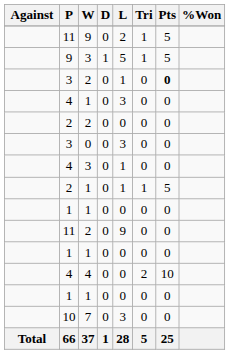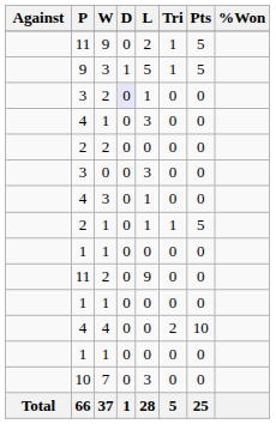 <table class="wikitable sortable"  style="text-align:center; font-size:95%;">
 <tr>
 <th style="width:25%;">Against</th>
 <th abbr="Played" style="width:15px;">P</th>
 <th abbr="Won" style="width:10px;">W</th>
 <th abbr="Drawn" style="width:10px;">D</th>
 <th abbr="Lost" style="width:10px;">L</th>
 <th abbr="Tries" style="width:15px;">Tri</th>
 <th abbr="Points" style="width:18px;">Pts</th>
 <th abbr="Won" style="width:18px;">%Won</th>
 </tr>
 <tr bgcolor="#d0ffd0" align="center">
 </tr>
 <tr>
 <td align="left"></td>
 <td>11</td>
 <td>9</td>
 <td>0</td>
 <td>2</td>
 <td>1</td>
 <td>5</td>
 <td></td>
 </tr>
 <tr>
 <td align="left"></td>
 <td>9</td>
 <td>3</td>
 <td>1</td>
 <td>5</td>
 <td>1</td>
 <td>5</td>
 <td></td>
 </tr>
 <tr>
 <td align="left"></td>
 <td>3</td>
 <td>2</td>
-<td>0</td>
+<td style="background: lavender;">0</td>
 <td>1</td>
 <td>0</td>
-<td><strong>0</strong></td>
+<td>0</td>
 <td></td>
 </tr>
 <tr>
 <td align="left"></td>
 <td>4</td>
 <td>1</td>
 <td>0</td>
 <td>3</td>
 <td>0</td>
 <td>0</td>
 <td></td>
 </tr>
 <tr>
 <td align="left"></td>
 <td>2</td>
 <td>2</td>
 <td>0</td>
 <td>0</td>
 <td>0</td>
 <td>0</td>
 <td></td>
 </tr>
 <tr>
 <td align="left"></td>
 <td>3</td>
 <td>0</td>
 <td>0</td>
 <td>3</td>
 <td>0</td>
 <td>0</td>
 <td></td>
 </tr>
 <tr>
 <td align="left"></td>
 <td>4</td>
 <td>3</td>
 <td>0</td>
 <td>1</td>
 <td>0</td>
 <td>0</td>
 <td></td>
 </tr>
 <tr>
 <td align="left"></td>
 <td>2</td>
 <td>1</td>
 <td>0</td>
 <td>1</td>
 <td>1</td>
 <td>5</td>
 <td></td>
 </tr>
 <tr>
 <td align="left"></td>
 <td>1</td>
 <td>1</td>
 <td>0</td>
 <td>0</td>
 <td>0</td>
 <td>0</td>
 <td></td>
 </tr>
 <tr>
 <td align="left"></td>
 <td>11</td>
 <td>2</td>
 <td>0</td>
 <td>9</td>
 <td>0</td>
 <td>0</td>
 <td></td>
 </tr>
 <tr>
 <td align="left"></td>
 <td>1</td>
 <td>1</td>
 <td>0</td>
 <td>0</td>
 <td>0</td>
 <td>0</td>
 <td></td>
 </tr>
 <tr>
 <td align="left"></td>
 <td>4</td>
 <td>4</td>
 <td>0</td>
 <td>0</td>
 <td>2</td>
 <td>10</td>
 <td></td>
 </tr>
 <tr>
 <td align="left"></td>
 <td>1</td>
 <td>1</td>
 <td>0</td>
 <td>0</td>
 <td>0</td>
 <td>0</td>
 <td></td>
 </tr>
 <tr>
 <td align="left"></td>
 <td>10</td>
 <td>7</td>
 <td>0</td>
 <td>3</td>
 <td>0</td>
 <td>0</td>
 <td></td>
 </tr>
 <tr>
 <th>Total</th>
 <th>66</th>
 <th>37</th>
 <th>1</th>
 <th>28</th>
 <th>5</th>
 <th>25</th>
 <th></th>
 </tr>
 </table>
